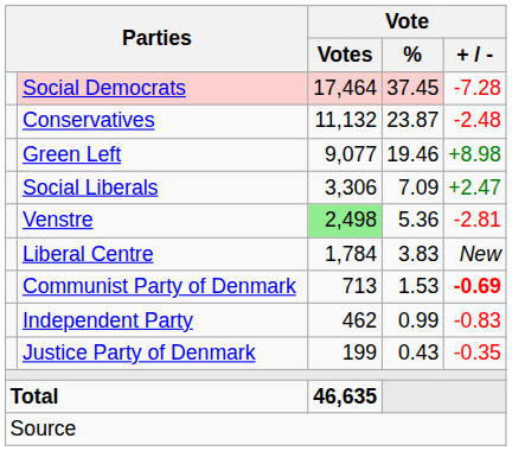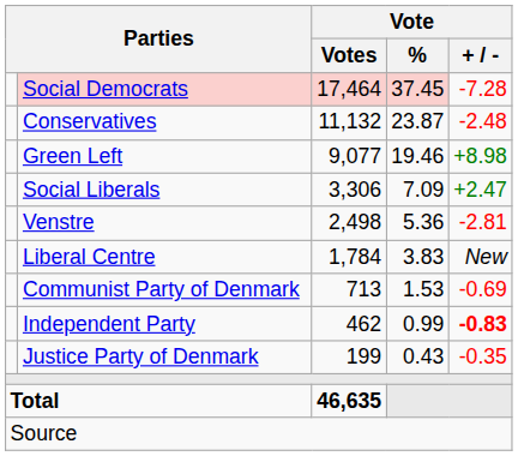 <table class="wikitable" style="text-align:right;">
 <tr>
 <th style="text-align:centre;" rowspan="2" colspan="2" width="225">Parties</th>
 <th colspan="3">Vote</th>
 </tr>
 <tr>
 <th width="15">Votes</th>
 <th width="15">%</th>
 <th width="15">+ / -</th>
 </tr>
 <tr>
 <td width="2" style="color:inherit;background:"></td>
 <td bgcolor=#fbd0ce  align="left"><a href='#'>Social Democrats</a></td>
 <td bgcolor=#fbd0ce>17,464</td>
 <td bgcolor=#fbd0ce>37.45</td>
 <td style=color:red;>-7.28</td>
 </tr>
 <tr>
 <td width="2" style="color:inherit;background:"></td>
 <td align="left"><a href='#'>Conservatives</a></td>
 <td>11,132</td>
 <td>23.87</td>
 <td style=color:red;>-2.48</td>
 </tr>
 <tr>
 <td width="2" style="color:inherit;background:"></td>
 <td align="left"><a href='#'>Green Left</a></td>
 <td>9,077</td>
 <td>19.46</td>
 <td style=color:green;>+8.98</td>
 </tr>
 <tr>
 <td width="2" style="color:inherit;background:"></td>
 <td align="left"><a href='#'>Social Liberals</a></td>
 <td>3,306</td>
 <td>7.09</td>
 <td style=color:green;>+2.47</td>
 </tr>
 <tr>
 <td width="2" style="color:inherit;background:"></td>
 <td align="left"><a href='#'>Venstre</a></td>
-<td style="background: lightgreen;">2,498</td>
+<td>2,498</td>
 <td>5.36</td>
 <td style=color:red;>-2.81</td>
 </tr>
 <tr>
 <td width="2" style="color:inherit;background:"></td>
 <td align="left"><a href='#'>Liberal Centre</a></td>
 <td>1,784</td>
 <td>3.83</td>
 <td><em>New</em></td>
 </tr>
 <tr>
 <td width="2" style="color:inherit;background:"></td>
 <td align="left"><a href='#'>Communist Party of Denmark</a></td>
 <td>713</td>
 <td>1.53</td>
-<td style=color:red;><strong>-0.69</strong></td>
+<td style=color:red;>-0.69</td>
 </tr>
 <tr>
 <td width="2" style="color:inherit;background:"></td>
 <td align="left"><a href='#'>Independent Party</a></td>
 <td>462</td>
 <td>0.99</td>
-<td style=color:red;>-0.83</td>
+<td style=color:red;><strong>-0.83</strong></td>
 </tr>
 <tr>
 <td width="2" style="color:inherit;background:"></td>
 <td align="left"><a href='#'>Justice Party of Denmark</a></td>
 <td>199</td>
 <td>0.43</td>
 <td style=color:red;>-0.35</td>
 </tr>
 <tr>
 <td colspan="7" bgcolor="#E9E9E9"></td>
 </tr>
 <tr>
 <td align="left" colspan="2"><strong>Total</strong></td>
 <td><strong>46,635</strong></td>
 <td bgcolor="#E9E9E9" colspan="2"></td>
 </tr>
 <tr>
 <td align="left" colspan="6">Source</td>
 </tr>
 </table>
